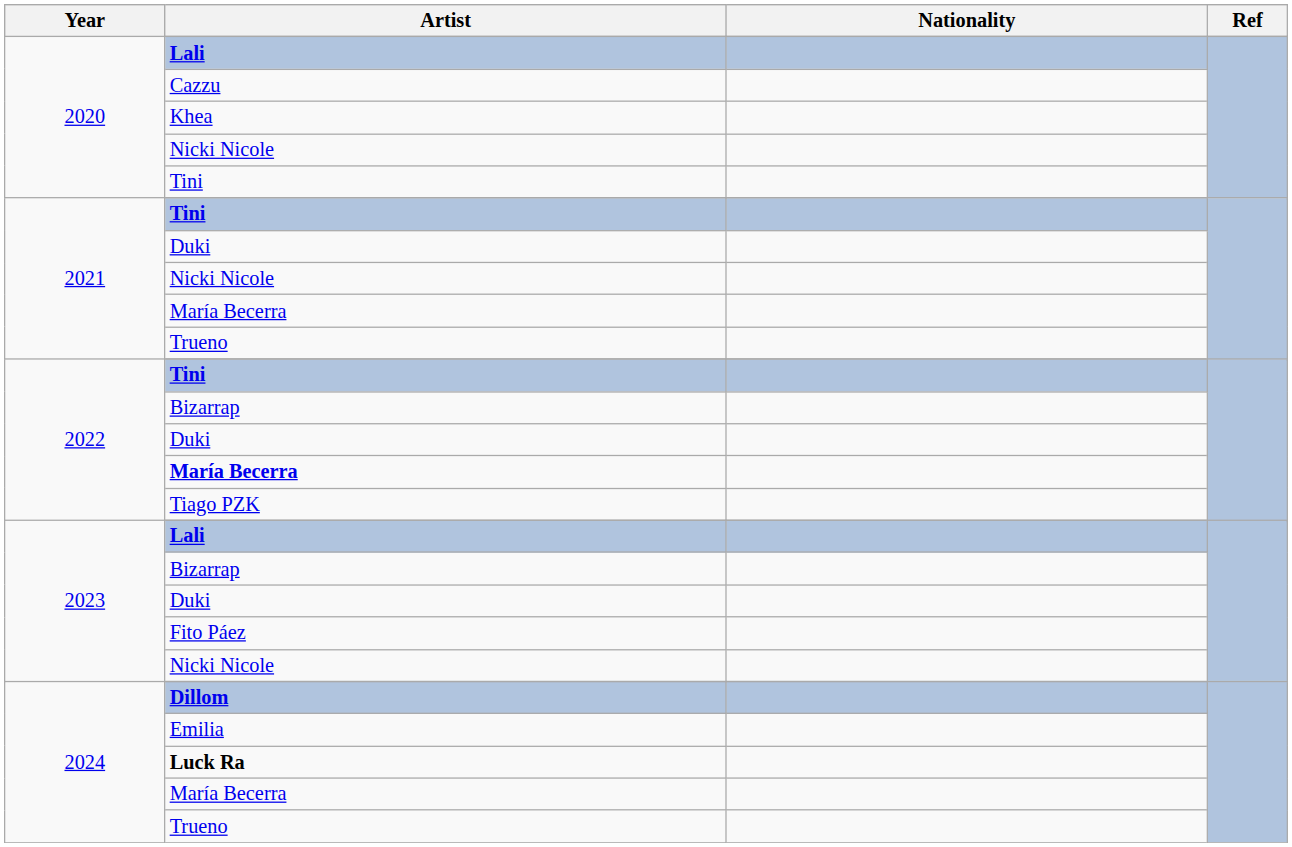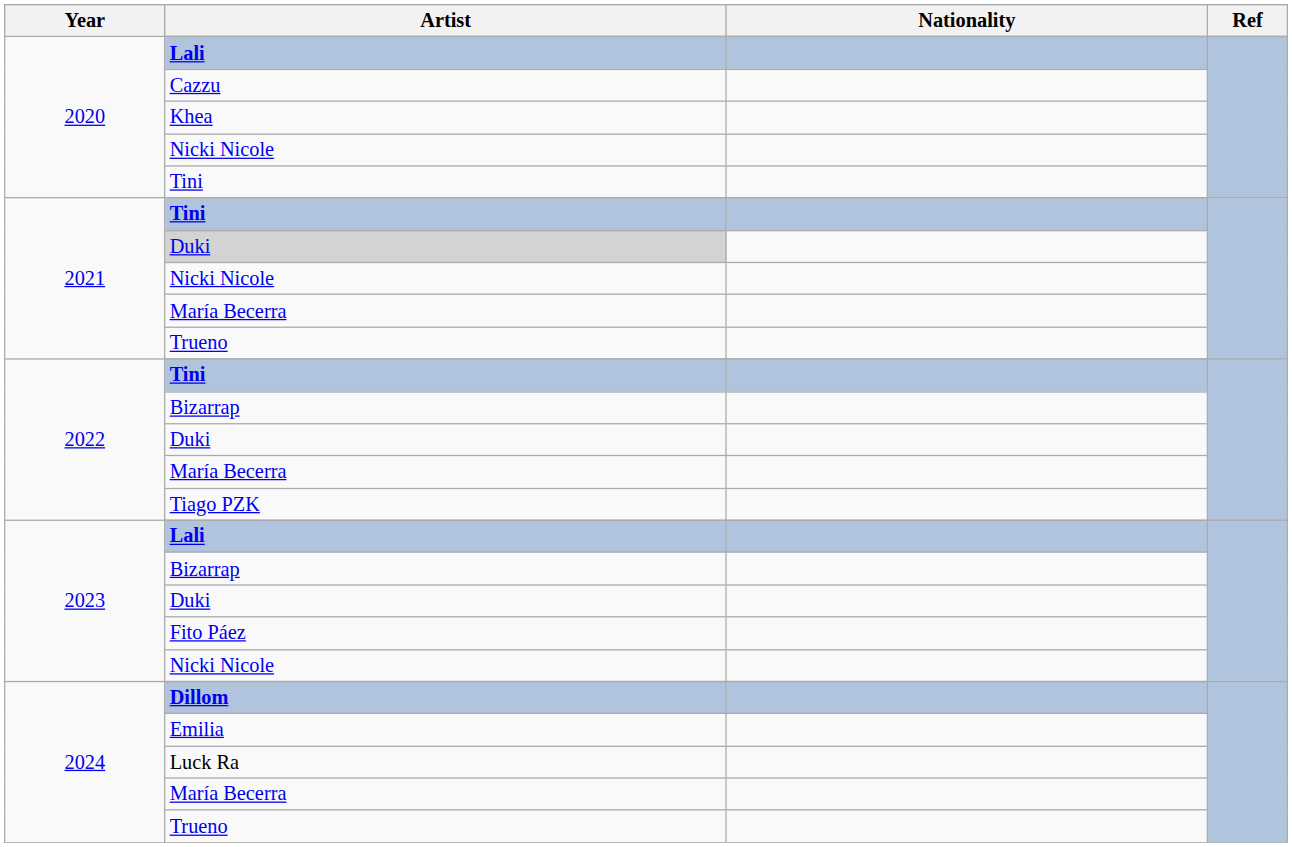 <table class="wikitable" style="width:80%;">
 <tr style="background:#bebebe;">
 <th style="width:10%;">Year</th>
 <th style="width:35%;">Artist</th>
 <th style="width:30%;">Nationality</th>
 <th style="width:5%;">Ref</th>
 </tr>
 <tr>
 <td rowspan="6" align="center"><a href='#'>2020</a></td>
 </tr>
 <tr style="background:#B0C4DE">
 <td><strong><a href='#'>Lali</a></strong></td>
 <td><strong></strong></td>
 <td rowspan="6" align="center"></td>
 </tr>
 <tr>
 <td><a href='#'>Cazzu</a></td>
 <td></td>
 </tr>
 <tr>
 <td><a href='#'>Khea</a></td>
 <td></td>
 </tr>
 <tr>
 <td><a href='#'>Nicki Nicole</a></td>
 <td></td>
 </tr>
 <tr>
 <td><a href='#'>Tini</a></td>
 <td></td>
 </tr>
 <tr>
 <td rowspan="6" align="center"><a href='#'>2021</a></td>
 </tr>
 <tr style="background:#B0C4DE">
 <td><strong><a href='#'>Tini</a></strong></td>
 <td><strong></strong></td>
 <td rowspan="6" align="center"></td>
 </tr>
 <tr>
-<td><a href='#'>Duki</a></td>
+<td style="background: lightgrey;"><a href='#'>Duki</a></td>
 <td></td>
 </tr>
 <tr>
 <td><a href='#'>Nicki Nicole</a></td>
 <td></td>
 </tr>
 <tr>
 <td><a href='#'>María Becerra</a></td>
 <td></td>
 </tr>
 <tr>
 <td><a href='#'>Trueno</a></td>
 <td></td>
 </tr>
 <tr>
 <td rowspan="6" align="center"><a href='#'>2022</a></td>
 </tr>
 <tr style="background:#B0C4DE">
 <td><strong><a href='#'>Tini</a></strong></td>
 <td><strong></strong></td>
 <td rowspan="6" align="center"></td>
 </tr>
 <tr>
 <td><a href='#'>Bizarrap</a></td>
 <td></td>
 </tr>
 <tr>
 <td><a href='#'>Duki</a></td>
 <td></td>
 </tr>
 <tr>
-<td><strong><a href='#'>María Becerra</a></strong></td>
+<td><a href='#'>María Becerra</a></td>
 <td></td>
 </tr>
 <tr>
 <td><a href='#'>Tiago PZK</a></td>
 <td></td>
 </tr>
 <tr>
 <td rowspan="6" align="center"><a href='#'>2023</a></td>
 </tr>
 <tr style="background:#B0C4DE">
 <td><strong><a href='#'>Lali</a></strong></td>
 <td><strong></strong></td>
 <td rowspan="6" align="center"></td>
 </tr>
 <tr>
 <td><a href='#'>Bizarrap</a></td>
 <td></td>
 </tr>
 <tr>
 <td><a href='#'>Duki</a></td>
 <td></td>
 </tr>
 <tr>
 <td><a href='#'>Fito Páez</a></td>
 <td></td>
 </tr>
 <tr>
 <td><a href='#'>Nicki Nicole</a></td>
 <td></td>
 </tr>
 <tr>
 <td rowspan="6" align="center"><a href='#'>2024</a></td>
 </tr>
 <tr style="background:#B0C4DE">
 <td><strong><a href='#'>Dillom</a></strong></td>
 <td><strong></strong></td>
 <td rowspan="6" align="center"></td>
 </tr>
 <tr>
 <td><a href='#'>Emilia</a></td>
 <td></td>
 </tr>
 <tr>
-<td><strong>Luck Ra</strong></td>
+<td>Luck Ra</td>
 <td></td>
 </tr>
 <tr>
 <td><a href='#'>María Becerra</a></td>
 <td></td>
 </tr>
 <tr>
 <td><a href='#'>Trueno</a></td>
 <td></td>
 </tr>
 </table>
